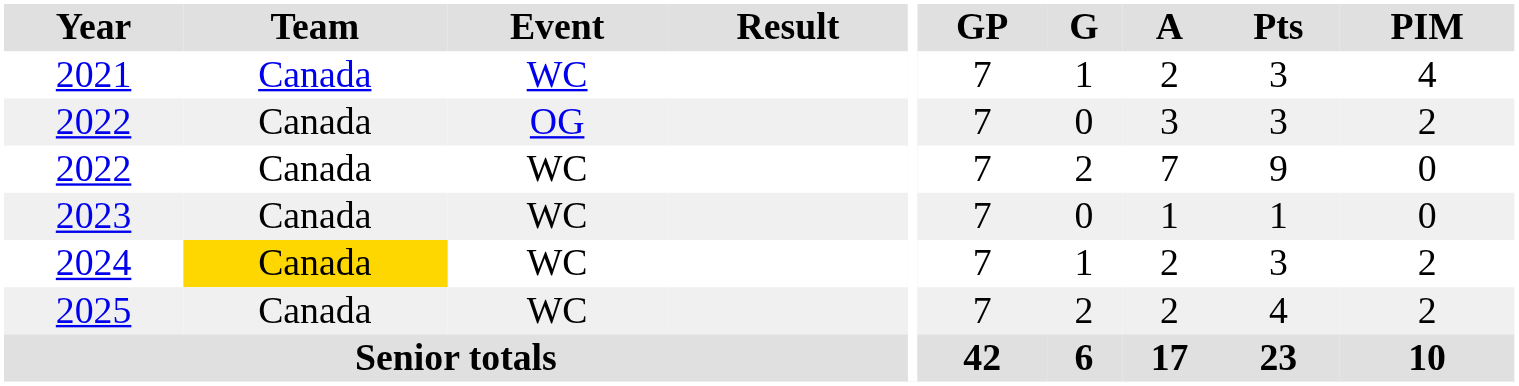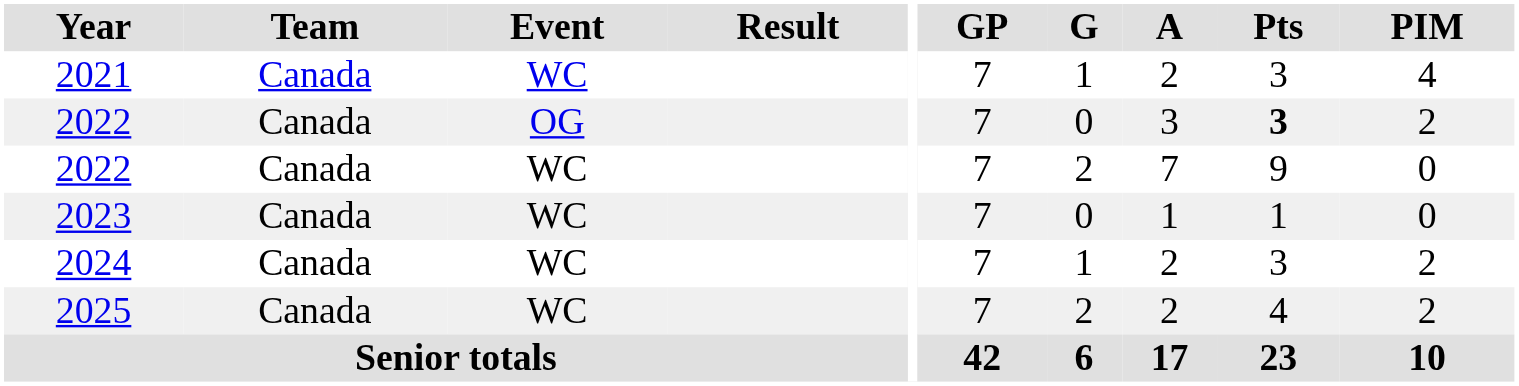 <table border="0" cellpadding="1" cellspacing="0" ID="Table3" style="text-align:center; width:40em">
 <tr ALIGN="center" bgcolor="#e0e0e0">
 <th>Year</th>
 <th>Team</th>
 <th>Event</th>
 <th>Result</th>
 <th rowspan="99" bgcolor="#ffffff"></th>
 <th>GP</th>
 <th>G</th>
 <th>A</th>
 <th>Pts</th>
 <th>PIM</th>
 </tr>
 <tr>
 <td><a href='#'>2021</a></td>
 <td><a href='#'>Canada</a></td>
 <td><a href='#'>WC</a></td>
 <td></td>
 <td>7</td>
 <td>1</td>
 <td>2</td>
 <td>3</td>
 <td>4</td>
 </tr>
 <tr bgcolor="#f0f0f0">
 <td><a href='#'>2022</a></td>
 <td>Canada</td>
 <td><a href='#'>OG</a></td>
 <td></td>
 <td>7</td>
 <td>0</td>
 <td>3</td>
-<td>3</td>
+<td><strong>3</strong></td>
 <td>2</td>
 </tr>
 <tr>
 <td><a href='#'>2022</a></td>
 <td>Canada</td>
 <td>WC</td>
 <td></td>
 <td>7</td>
 <td>2</td>
 <td>7</td>
 <td>9</td>
 <td>0</td>
 </tr>
 <tr bgcolor="#f0f0f0">
 <td><a href='#'>2023</a></td>
 <td>Canada</td>
 <td>WC</td>
 <td></td>
 <td>7</td>
 <td>0</td>
 <td>1</td>
 <td>1</td>
 <td>0</td>
 </tr>
 <tr>
 <td><a href='#'>2024</a></td>
-<td style="background: gold;">Canada</td>
+<td>Canada</td>
 <td>WC</td>
 <td></td>
 <td>7</td>
 <td>1</td>
 <td>2</td>
 <td>3</td>
 <td>2</td>
 </tr>
 <tr bgcolor="#f0f0f0">
 <td><a href='#'>2025</a></td>
 <td>Canada</td>
 <td>WC</td>
 <td></td>
 <td>7</td>
 <td>2</td>
 <td>2</td>
 <td>4</td>
 <td>2</td>
 </tr>
 <tr bgcolor="#e0e0e0">
 <th colspan="4">Senior totals</th>
 <th>42</th>
 <th>6</th>
 <th>17</th>
 <th>23</th>
 <th>10</th>
 </tr>
 </table>
